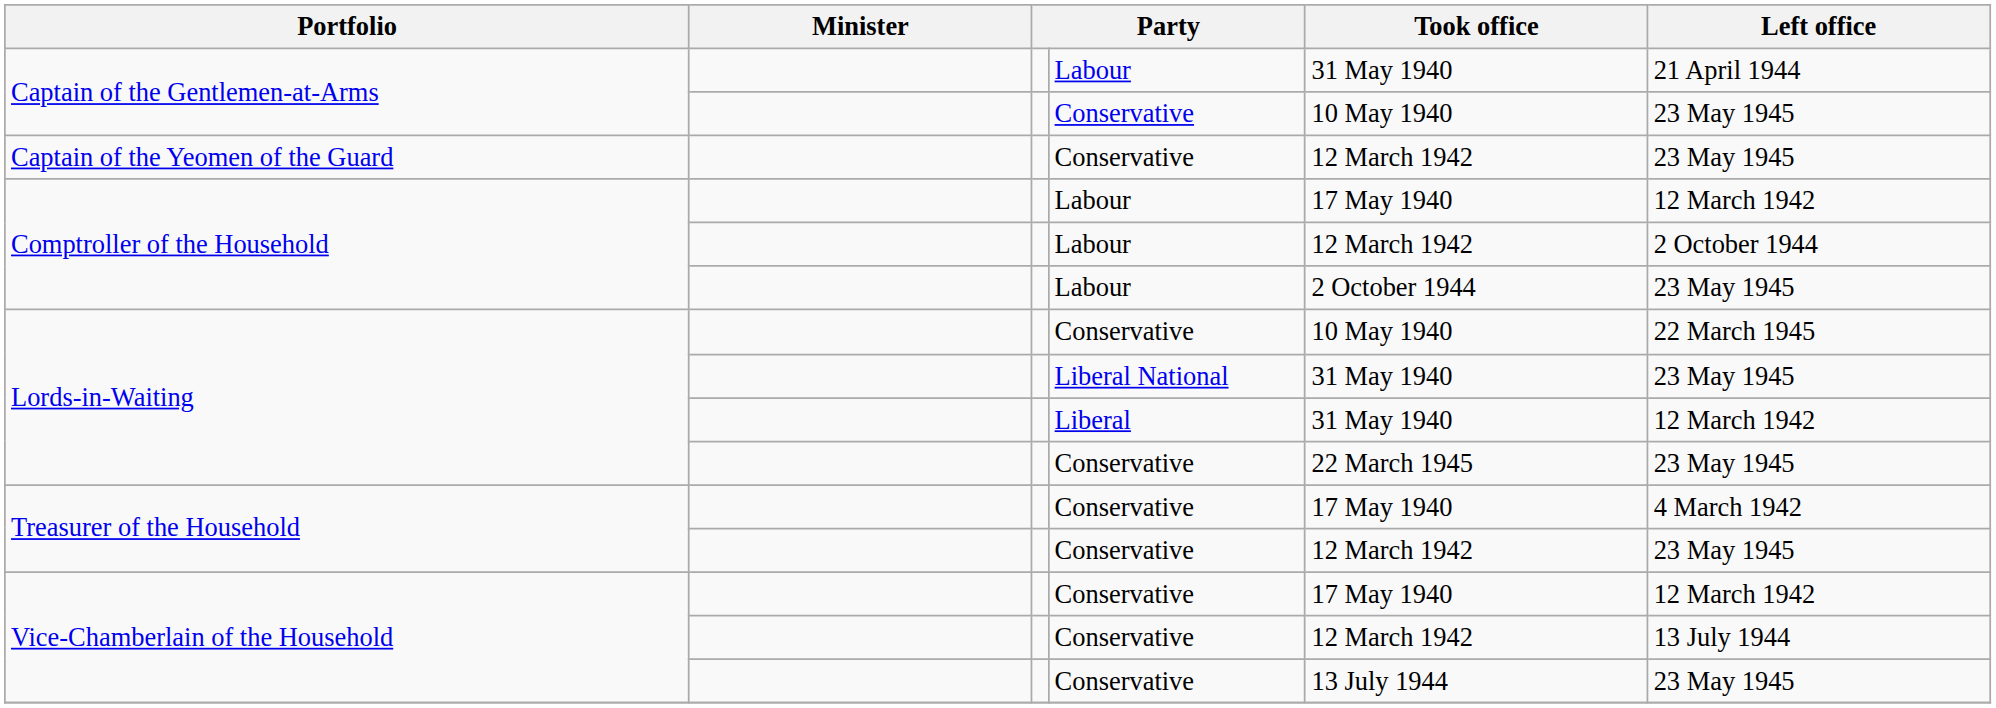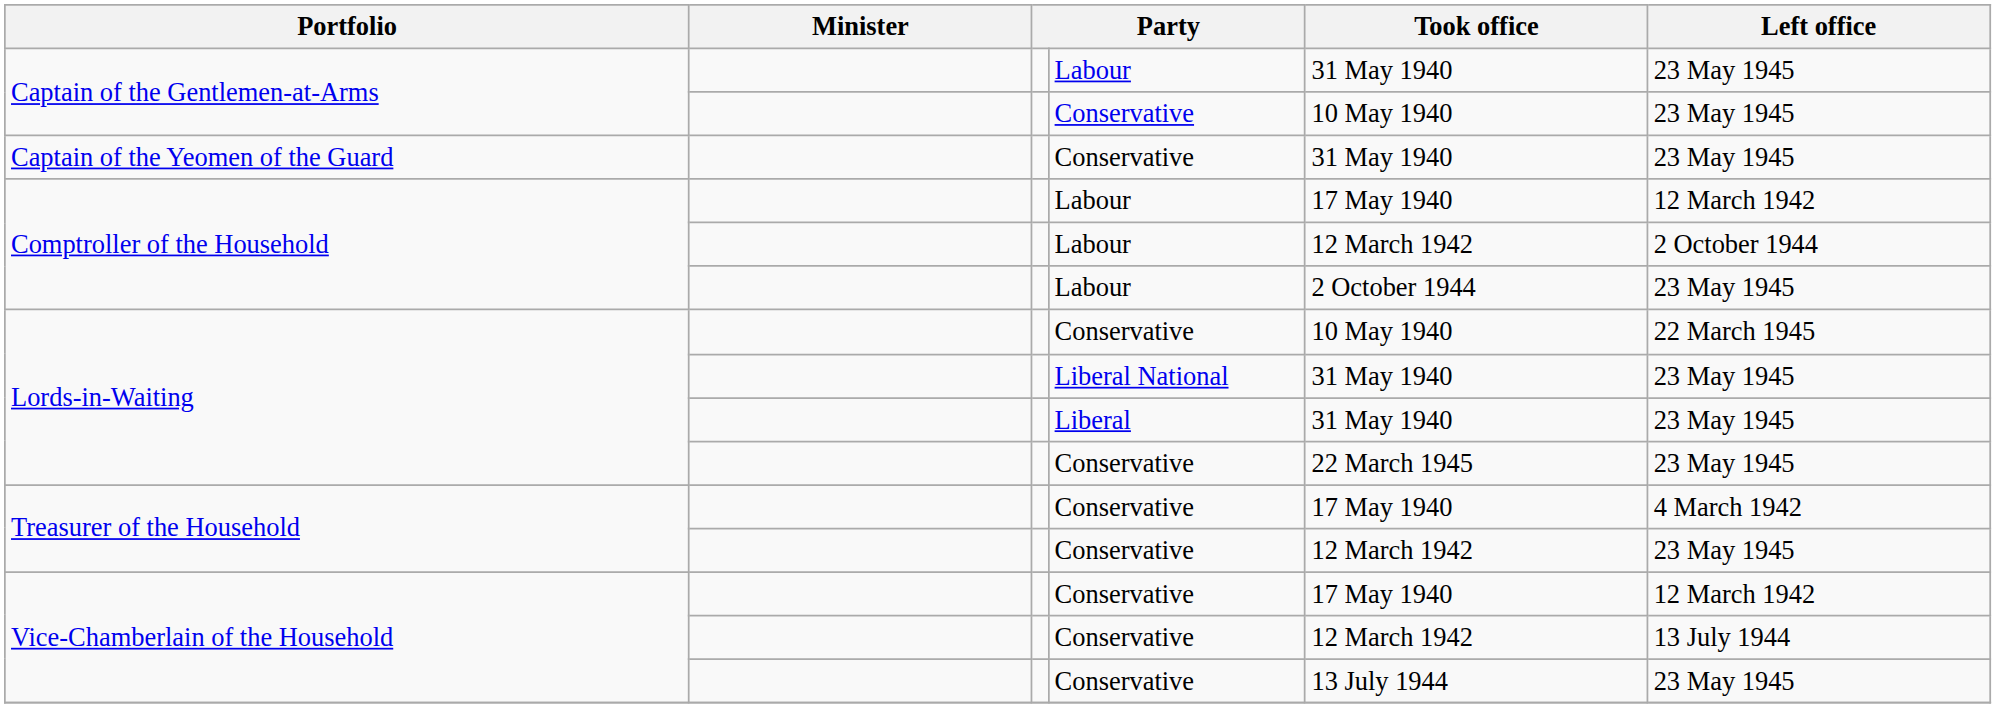 <table class="wikitable sortable" style="font-size:95%;">
 <tr>
 <th scope="col" width="25%">Portfolio</th>
 <th scope="col" width="12.5%">Minister</th>
 <th scope="col" width="10%" colspan=2>Party</th>
 <th scope="col" width="12.5%">Took office</th>
 <th scope="col" width="12.5%">Left office</th>
 </tr>
 <tr>
 <td rowspan=2><a href='#'>Captain of the Gentlemen-at-Arms</a></td>
 <td></td>
 <td style="background: "></td>
 <td><a href='#'>Labour</a></td>
 <td>31 May 1940</td>
-<td>21 April 1944</td>
+<td>23 May 1945</td>
 </tr>
 <tr>
 <td></td>
 <td style="background: "></td>
 <td><a href='#'>Conservative</a></td>
 <td>10 May 1940</td>
 <td>23 May 1945</td>
 </tr>
 <tr>
 <td><a href='#'>Captain of the Yeomen of the Guard</a></td>
 <td></td>
 <td style="background: "></td>
 <td>Conservative</td>
-<td>12 March 1942</td>
+<td>31 May 1940</td>
 <td>23 May 1945</td>
 </tr>
 <tr>
 <td rowspan=3><a href='#'>Comptroller of the Household</a></td>
 <td></td>
 <td style="background: "></td>
 <td>Labour</td>
 <td>17 May 1940</td>
 <td>12 March 1942</td>
 </tr>
 <tr>
 <td></td>
 <td style="background: "></td>
 <td>Labour</td>
 <td>12 March 1942</td>
 <td>2 October 1944</td>
 </tr>
 <tr>
 <td></td>
 <td style="background: "></td>
 <td>Labour</td>
 <td>2 October 1944</td>
 <td>23 May 1945</td>
 </tr>
 <tr>
 <td rowspan=4><a href='#'>Lords-in-Waiting</a></td>
 <td></td>
 <td style="background: "></td>
 <td>Conservative</td>
 <td>10 May 1940</td>
 <td>22 March 1945</td>
 </tr>
 <tr>
 <td></td>
 <td style="background: "></td>
 <td><a href='#'>Liberal National</a></td>
 <td>31 May 1940</td>
 <td>23 May 1945</td>
 </tr>
 <tr>
 <td></td>
 <td style="background: "></td>
 <td><a href='#'>Liberal</a></td>
 <td>31 May 1940</td>
-<td>12 March 1942</td>
+<td>23 May 1945</td>
 </tr>
 <tr>
 <td></td>
 <td style="background: "></td>
 <td>Conservative</td>
 <td>22 March 1945</td>
 <td>23 May 1945</td>
 </tr>
 <tr>
 <td rowspan=2><a href='#'>Treasurer of the Household</a></td>
 <td></td>
 <td style="background: "></td>
 <td>Conservative</td>
 <td>17 May 1940</td>
 <td>4 March 1942</td>
 </tr>
 <tr>
 <td></td>
 <td style="background: "></td>
 <td>Conservative</td>
 <td>12 March 1942</td>
 <td>23 May 1945</td>
 </tr>
 <tr>
 <td rowspan=3><a href='#'>Vice-Chamberlain of the Household</a></td>
 <td></td>
 <td style="background: "></td>
 <td>Conservative</td>
 <td>17 May 1940</td>
 <td>12 March 1942</td>
 </tr>
 <tr>
 <td></td>
 <td style="background: "></td>
 <td>Conservative</td>
 <td>12 March 1942</td>
 <td>13 July 1944</td>
 </tr>
 <tr>
 <td></td>
 <td style="background: "></td>
 <td>Conservative</td>
 <td>13 July 1944</td>
 <td>23 May 1945</td>
 </tr>
 <tr>
 </tr>
 </table>
